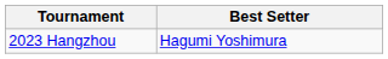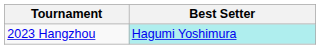 <table class=wikitable style="width: 400px;">
 <tr>
 <th style="width: 40%;">Tournament</th>
 <th style="width: 60%;">Best Setter</th>
 </tr>
 <tr>
 <td><a href='#'>2023 Hangzhou</a></td>
-<td> <a href='#'>Hagumi Yoshimura</a></td>
+<td style="background: paleturquoise;"> <a href='#'>Hagumi Yoshimura</a></td>
 </tr>
 </table>
